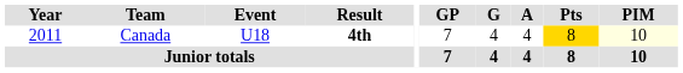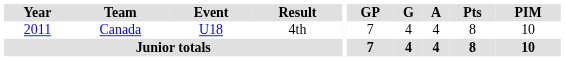 <table border="0" cellpadding="1" cellspacing="0" ID="Table3" style="text-align:center; width:40em">
 <tr ALIGN="centre" bgcolor="#e0e0e0">
 <th>Year</th>
 <th>Team</th>
 <th>Event</th>
 <th>Result</th>
 <th rowspan="99" bgcolor="#ffffff"></th>
 <th>GP</th>
 <th>G</th>
 <th>A</th>
 <th>Pts</th>
 <th>PIM</th>
 </tr>
 <tr>
 <td><a href='#'>2011</a></td>
 <td><a href='#'>Canada</a></td>
 <td><a href='#'>U18</a></td>
-<td><strong>4th</strong></td>
+<td>4th</td>
 <td>7</td>
 <td>4</td>
 <td>4</td>
-<td style="background: gold;">8</td>
-<td style="background: lightyellow;">10</td>
+<td>8</td>
+<td>10</td>
 </tr>
 <tr bgcolor="#e0e0e0">
 <th colspan="4">Junior totals</th>
 <th>7</th>
 <th>4</th>
 <th>4</th>
 <th>8</th>
 <th>10</th>
 </tr>
 </table>
